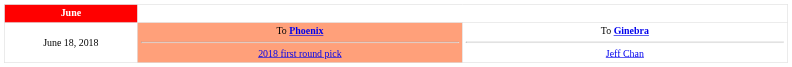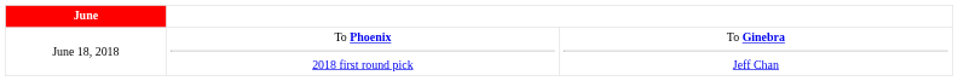 <table border=1 style="border-collapse:collapse; text-align: center; width: 100%" bordercolor="#DFDFDF"  cellpadding="5">
 <tr bgcolor="eeeeee">
 <th style="background:#FF0000; color:#FFFFFF; ">June</th>
 </tr>
 <tr>
 <td style="width:12%">June 18, 2018</td>
-<td style="background: lightsalmon; width:29.3%" valign="top">To <strong><a href='#'>Phoenix</a></strong><hr><a href='#'>2018 first round pick</a></td>
+<td style="width:29.3%" valign="top">To <strong><a href='#'>Phoenix</a></strong><hr><a href='#'>2018 first round pick</a></td>
 <td style="width:29.3%" valign="top">To <strong><a href='#'>Ginebra</a></strong><hr><a href='#'>Jeff Chan</a></td>
 </tr>
 </table>
